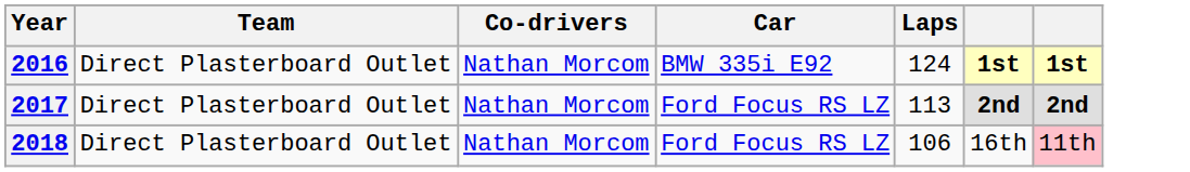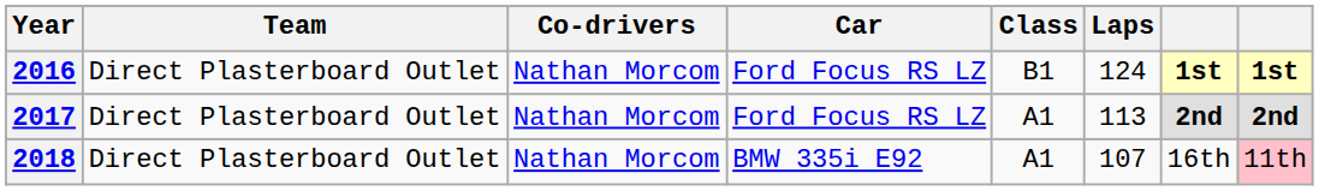 <table class="wikitable" style="font-size:90%; text-align:center">
 <tr>
 <th>Year</th>
 <th>Team</th>
 <th>Co-drivers</th>
 <th>Car</th>
+<th>Class</th>
 <th>Laps</th>
 <th></th>
 <th></th>
 </tr>
 <tr>
 <th><a href='#'>2016</a></th>
 <td align="left"> Direct Plasterboard Outlet</td>
 <td align="left"> <a href='#'>Nathan Morcom</a></td>
-<td align="left"><a href='#'>BMW 335i E92</a></td>
+<td align="left"><a href='#'>Ford Focus RS LZ</a></td>
+<td>B1</td>
 <td align=center>124</td>
 <td style="background:#ffffbf"><strong>1st</strong></td>
 <td style="background:#ffffbf"><strong>1st</strong></td>
 </tr>
 <tr>
 <th><a href='#'>2017</a></th>
 <td align="left"> Direct Plasterboard Outlet</td>
 <td align="left"> <a href='#'>Nathan Morcom</a></td>
 <td align="left"><a href='#'>Ford Focus RS LZ</a></td>
+<td>A1</td>
 <td align=center>113</td>
 <td style="background:#dfdfdf"><strong>2nd</strong></td>
 <td style="background:#dfdfdf"><strong>2nd</strong></td>
 </tr>
 <tr>
 <th><a href='#'>2018</a></th>
 <td align="left"> Direct Plasterboard Outlet</td>
 <td align="left"> <a href='#'>Nathan Morcom</a></td>
-<td align="left"><a href='#'>Ford Focus RS LZ</a></td>
-<td align=center>106</td>
+<td align="left"><a href='#'>BMW 335i E92</a></td>
+<td>A1</td>
+<td align=center>107</td>
 <td align=center>16th</td>
 <td align=center style="background: pink;">11th</td>
 </tr>
 </table>
